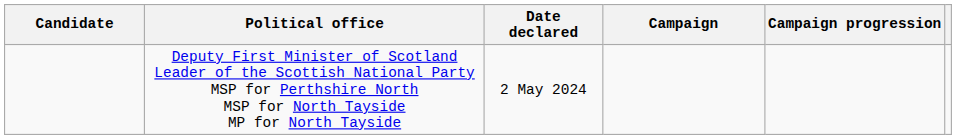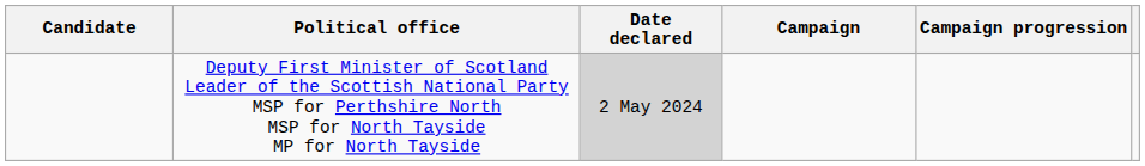 <table class="wikitable sortable wiki table" style="text-align:center">
 <tr>
 <th scope="col" style="width: 120px;">Candidate</th>
 <th scope="col" style="width: 300px;">Political office</th>
 <th scope="col" style="width: 100px;">Date declared</th>
 <th scope="col" style="width: 140px;" class="unsortable" !>Campaign</th>
 <th>Campaign progression</th>
 <th></th>
 </tr>
 <tr>
 <td><br></td>
 <td><a href='#'>Deputy First Minister of Scotland</a> <br><a href='#'>Leader of the Scottish National Party</a> <br>MSP for <a href='#'>Perthshire North</a> <br>MSP for <a href='#'>North Tayside</a> <br>MP for <a href='#'>North Tayside</a> </td>
-<td>2 May 2024</td>
+<td style="background: lightgrey;">2 May 2024</td>
 <td></td>
 <td></td>
 </tr>
 </table>
